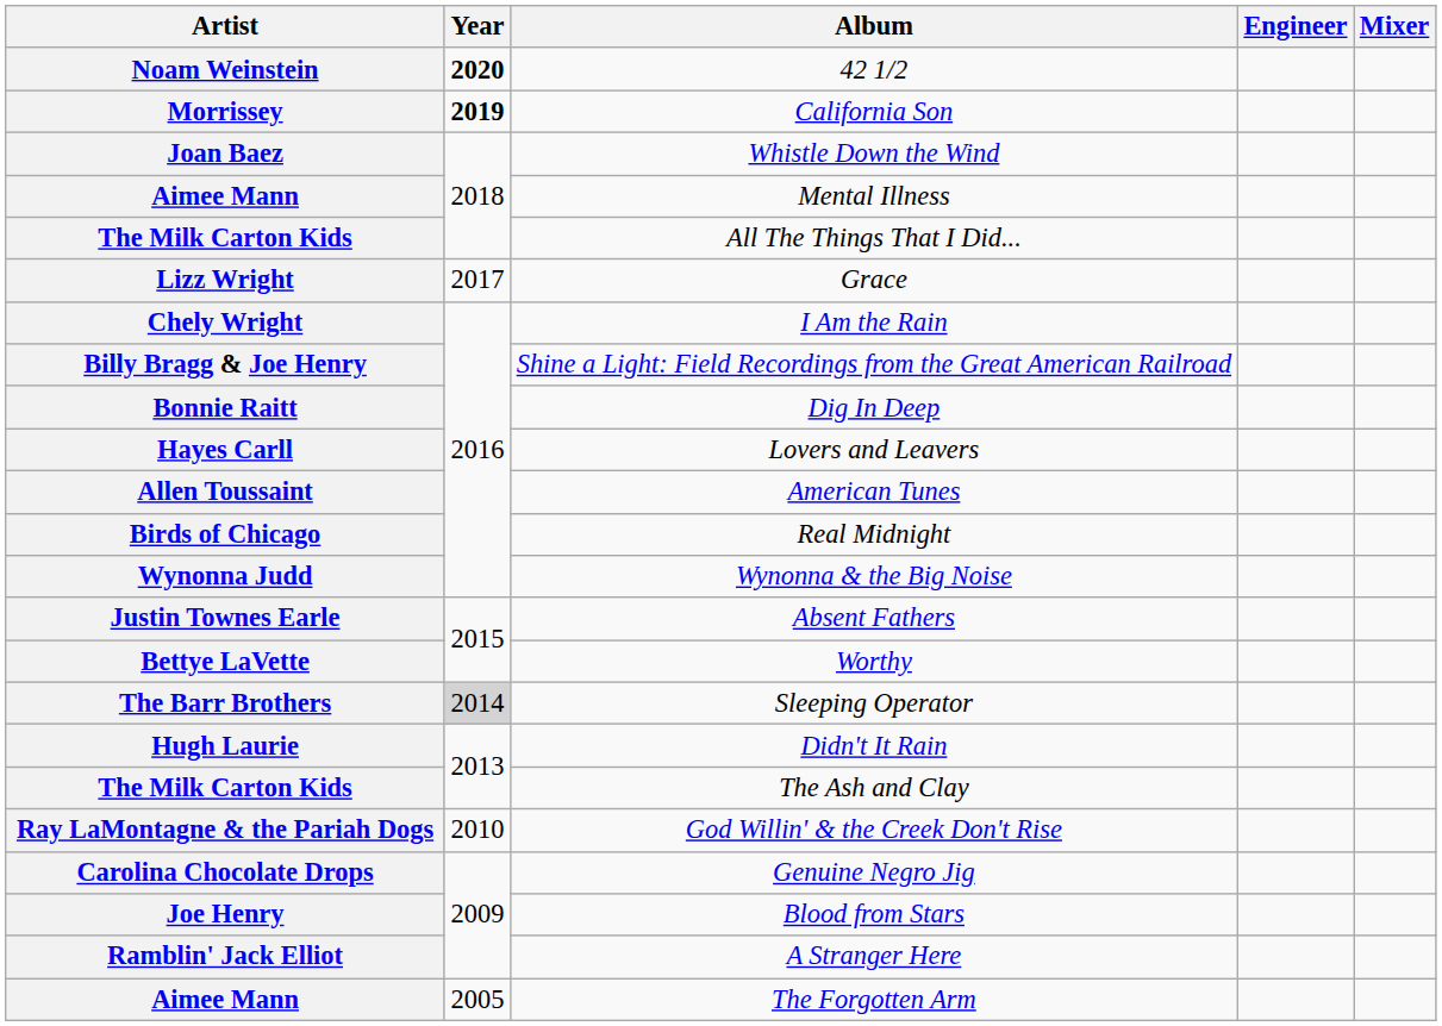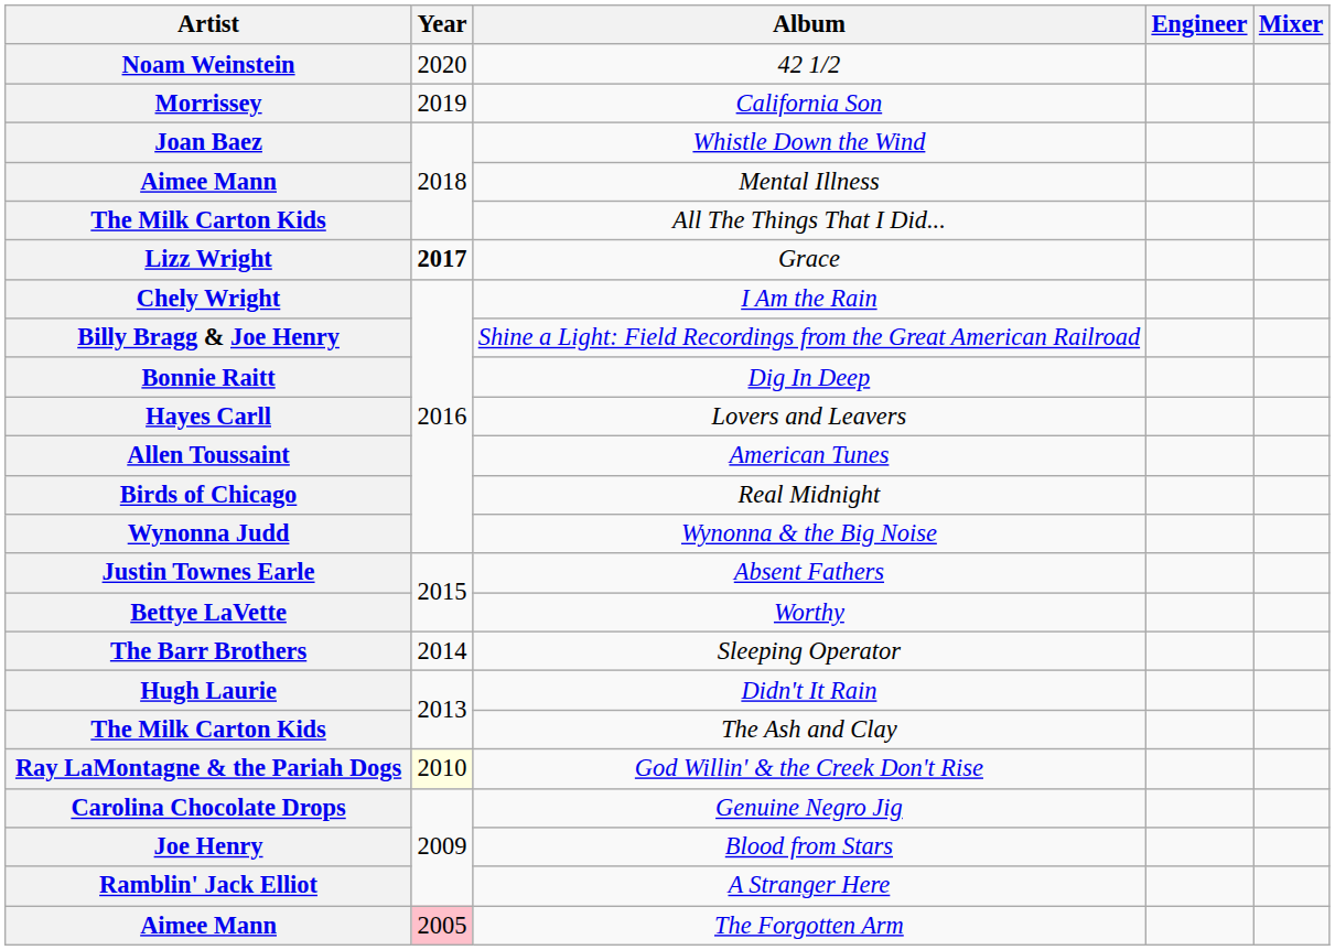 <table class="wikitable plainrowheaders" style="text-align:center;">
 <tr>
 <th scope="col" style="width:16em;">Artist</th>
 <th scope="col">Year</th>
 <th scope="col">Album</th>
 <th scope="col"><a href='#'>Engineer</a></th>
 <th scope="col"><a href='#'>Mixer</a></th>
 </tr>
 <tr>
 <th scope="row"><a href='#'>Noam Weinstein</a></th>
-<td rowspan=“1”><strong>2020</strong></td>
+<td rowspan=“1”>2020</td>
 <td><em>42 1/2</em></td>
 <td></td>
 <td></td>
 </tr>
 <tr>
 <th scope="row"><a href='#'>Morrissey</a></th>
-<td rowspan=“1”><strong>2019</strong></td>
+<td rowspan=“1”>2019</td>
 <td><em><a href='#'>California Son</a></em></td>
 <td></td>
 <td></td>
 </tr>
 <tr>
 <th scope="row"><a href='#'>Joan Baez</a></th>
 <td rowspan="3">2018</td>
 <td><em><a href='#'>Whistle Down the Wind</a></em></td>
 <td></td>
 <td></td>
 </tr>
 <tr>
 <th scope="row"><a href='#'>Aimee Mann</a></th>
 <td><em>Mental Illness</em></td>
 <td></td>
 <td></td>
 </tr>
 <tr>
 <th scope="row"><a href='#'>The Milk Carton Kids</a></th>
 <td><em>All The Things That I Did...</em></td>
 <td></td>
 <td></td>
 </tr>
 <tr>
 <th scope="row"><a href='#'>Lizz Wright</a></th>
-<td rowspan=“1”>2017</td>
+<td rowspan=“1”><strong>2017</strong></td>
 <td><em>Grace</em></td>
 <td></td>
 <td></td>
 </tr>
 <tr>
 <th scope="row"><a href='#'>Chely Wright</a></th>
 <td rowspan="7">2016</td>
 <td><em><a href='#'>I Am the Rain</a></em></td>
 <td></td>
 <td></td>
 </tr>
 <tr>
 <th scope="row"><a href='#'>Billy Bragg</a> & <a href='#'>Joe Henry</a></th>
 <td><em><a href='#'>Shine a Light: Field Recordings from the Great American Railroad</a></em></td>
 <td></td>
 <td></td>
 </tr>
 <tr>
 <th scope="row"><a href='#'>Bonnie Raitt</a></th>
 <td><em><a href='#'>Dig In Deep</a></em></td>
 <td></td>
 <td></td>
 </tr>
 <tr>
 <th scope="row"><a href='#'>Hayes Carll</a></th>
 <td><em>Lovers and Leavers</em></td>
 <td></td>
 <td></td>
 </tr>
 <tr>
 <th scope="row"><a href='#'>Allen Toussaint</a></th>
 <td><em><a href='#'>American Tunes</a></em></td>
 <td></td>
 <td></td>
 </tr>
 <tr>
 <th scope="row"><a href='#'>Birds of Chicago</a></th>
 <td><em>Real Midnight</em></td>
 <td></td>
 <td></td>
 </tr>
 <tr>
 <th scope="row"><a href='#'>Wynonna Judd</a></th>
 <td><em><a href='#'>Wynonna & the Big Noise</a></em></td>
 <td></td>
 <td></td>
 </tr>
 <tr>
 <th scope="row"><a href='#'>Justin Townes Earle</a></th>
 <td rowspan="2">2015</td>
 <td><em><a href='#'>Absent Fathers</a></em></td>
 <td></td>
 <td></td>
 </tr>
 <tr>
 <th scope="row"><a href='#'>Bettye LaVette</a></th>
 <td><em><a href='#'>Worthy</a></em></td>
 <td></td>
 <td></td>
 </tr>
 <tr>
 <th scope="row"><a href='#'>The Barr Brothers</a></th>
-<td rowspan=“1” style="background: lightgrey;">2014</td>
+<td rowspan=“1”>2014</td>
 <td><em>Sleeping Operator</em></td>
 <td></td>
 <td></td>
 </tr>
 <tr>
 <th scope="row"><a href='#'>Hugh Laurie</a></th>
 <td rowspan="2">2013</td>
 <td><em><a href='#'>Didn't It Rain</a></em></td>
 <td></td>
 <td></td>
 </tr>
 <tr>
 <th scope="row"><a href='#'>The Milk Carton Kids</a></th>
 <td><em>The Ash and Clay</em></td>
 <td></td>
 <td></td>
 </tr>
 <tr>
 <th scope="row"><a href='#'>Ray LaMontagne & the Pariah Dogs</a></th>
-<td rowspan=“1”>2010</td>
+<td rowspan=“1” style="background: lightyellow;">2010</td>
 <td><em><a href='#'>God Willin' & the Creek Don't Rise</a></em></td>
 <td></td>
 <td></td>
 </tr>
 <tr>
 <th scope="row"><a href='#'>Carolina Chocolate Drops</a></th>
 <td rowspan="3">2009</td>
 <td><em><a href='#'>Genuine Negro Jig</a></em></td>
 <td></td>
 <td></td>
 </tr>
 <tr>
 <th scope="row"><a href='#'>Joe Henry</a></th>
 <td><em><a href='#'>Blood from Stars</a></em></td>
 <td></td>
 <td></td>
 </tr>
 <tr>
 <th scope="row"><a href='#'>Ramblin' Jack Elliot</a></th>
 <td><em><a href='#'>A Stranger Here</a></em></td>
 <td></td>
 <td></td>
 </tr>
 <tr>
 <th scope="row"><a href='#'>Aimee Mann</a></th>
-<td rowspan=“1”>2005</td>
+<td rowspan=“1” style="background: pink;">2005</td>
 <td><em><a href='#'>The Forgotten Arm</a></em></td>
 <td></td>
 <td></td>
 </tr>
 </table>
